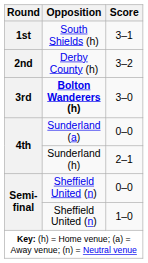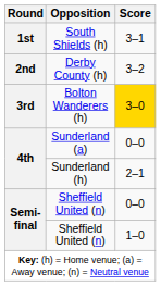 <table class="wikitable plainrowheaders" style="text-align:center;margin-left:1em;float:right">
 <tr>
 <th width="25">Round</th>
 <th width="90">Opposition</th>
 <th width="50">Score</th>
 </tr>
 <tr>
 <th scope=row style="text-align:center">1st</th>
 <td><a href='#'>South Shields</a> (h)</td>
 <td>3–1</td>
 </tr>
 <tr>
 <th scope=row style="text-align:center">2nd</th>
 <td><a href='#'>Derby County</a> (h)</td>
 <td>3–2</td>
 </tr>
 <tr>
 <th scope=row style="text-align:center">3rd</th>
-<td><strong><a href='#'>Bolton Wanderers</a> (h)</strong></td>
-<td>3–0</td>
+<td><a href='#'>Bolton Wanderers</a> (h)</td>
+<td style="background: gold;">3–0</td>
 </tr>
 <tr>
 <th scope=row style="text-align:center" rowspan=2>4th</th>
 <td><a href='#'>Sunderland</a> (<a href='#'>a</a>)</td>
 <td>0–0</td>
 </tr>
 <tr>
 <td>Sunderland (h)</td>
 <td>2–1</td>
 </tr>
 <tr>
 <th scope=row style="text-align:center" rowspan=2>Semi-final</th>
 <td><a href='#'>Sheffield United</a> (<a href='#'>n</a>)</td>
 <td>0–0</td>
 </tr>
 <tr>
 <td>Sheffield United (<a href='#'>n</a>)</td>
 <td>1–0</td>
 </tr>
 <tr>
 <td colspan="3" style="background-color:white;"><small><strong>Key:</strong> (h) = Home venue; (a) = Away venue; (n) = <a href='#'>Neutral venue</a></small></td>
 </tr>
 </table>
